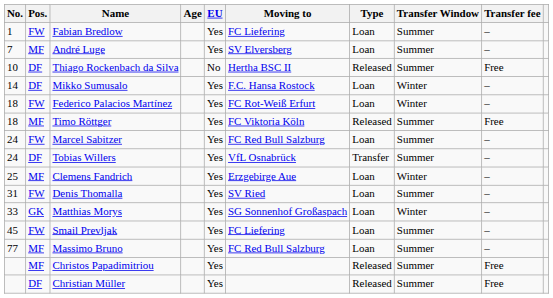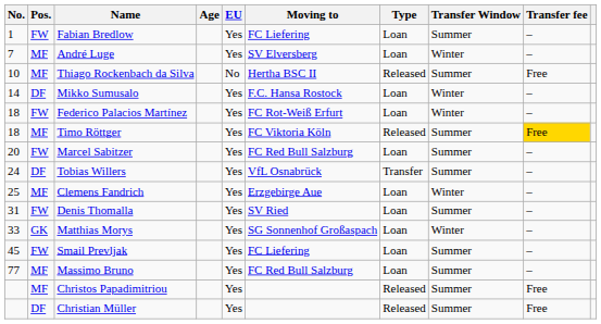 <table class="wikitable" Style="font-size:90%">
 <tr>
 <th>No.</th>
 <th>Pos.</th>
 <th>Name</th>
 <th>Age</th>
 <th><a href='#'>EU</a></th>
 <th>Moving to</th>
 <th>Type</th>
 <th>Transfer Window</th>
 <th>Transfer fee</th>
 <th></th>
 </tr>
 <tr>
 <td>1</td>
 <td><a href='#'>FW</a></td>
 <td> <a href='#'>Fabian Bredlow</a></td>
 <td></td>
 <td>Yes</td>
 <td><a href='#'>FC Liefering</a></td>
 <td>Loan</td>
 <td>Summer</td>
 <td>–</td>
 <td></td>
 </tr>
 <tr>
 <td>7</td>
 <td><a href='#'>MF</a></td>
 <td> <a href='#'>André Luge</a></td>
 <td></td>
 <td>Yes</td>
 <td><a href='#'>SV Elversberg</a></td>
 <td>Loan</td>
-<td>Summer</td>
+<td>Winter</td>
 <td>–</td>
 <td></td>
 </tr>
 <tr>
 <td>10</td>
-<td><a href='#'>DF</a></td>
+<td><a href='#'>MF</a></td>
 <td> <a href='#'>Thiago Rockenbach da Silva</a></td>
 <td></td>
 <td>No</td>
 <td><a href='#'>Hertha BSC II</a></td>
 <td>Released</td>
 <td>Summer</td>
 <td>Free</td>
 <td></td>
 </tr>
 <tr>
 <td>14</td>
 <td><a href='#'>DF</a></td>
 <td> <a href='#'>Mikko Sumusalo</a></td>
 <td></td>
 <td>Yes</td>
 <td><a href='#'>F.C. Hansa Rostock</a></td>
 <td>Loan</td>
 <td>Winter</td>
 <td>–</td>
 <td></td>
 </tr>
 <tr>
 <td>18</td>
 <td><a href='#'>FW</a></td>
 <td> <a href='#'>Federico Palacios Martínez</a></td>
 <td></td>
 <td>Yes</td>
 <td><a href='#'>FC Rot-Weiß Erfurt</a></td>
 <td>Loan</td>
 <td>Winter</td>
 <td>–</td>
 <td></td>
 </tr>
 <tr>
 <td>18</td>
 <td><a href='#'>MF</a></td>
 <td> <a href='#'>Timo Röttger</a></td>
 <td></td>
 <td>Yes</td>
 <td><a href='#'>FC Viktoria Köln</a></td>
 <td>Released</td>
 <td>Summer</td>
-<td>Free</td>
+<td style="background: gold;">Free</td>
 <td></td>
 </tr>
 <tr>
-<td>24</td>
+<td>20</td>
 <td><a href='#'>FW</a></td>
 <td> <a href='#'>Marcel Sabitzer</a></td>
 <td></td>
 <td>Yes</td>
 <td><a href='#'>FC Red Bull Salzburg</a></td>
 <td>Loan</td>
 <td>Summer</td>
 <td>–</td>
 <td></td>
 </tr>
 <tr>
 <td>24</td>
 <td><a href='#'>DF</a></td>
 <td> <a href='#'>Tobias Willers</a></td>
 <td></td>
 <td>Yes</td>
 <td><a href='#'>VfL Osnabrück</a></td>
 <td>Transfer</td>
 <td>Summer</td>
 <td>–</td>
 <td></td>
 </tr>
 <tr>
 <td>25</td>
 <td><a href='#'>MF</a></td>
 <td> <a href='#'>Clemens Fandrich</a></td>
 <td></td>
 <td>Yes</td>
 <td><a href='#'>Erzgebirge Aue</a></td>
 <td>Loan</td>
 <td>Winter</td>
 <td>–</td>
 <td></td>
 </tr>
 <tr>
 <td>31</td>
 <td><a href='#'>FW</a></td>
 <td> <a href='#'>Denis Thomalla</a></td>
 <td></td>
 <td>Yes</td>
 <td><a href='#'>SV Ried</a></td>
 <td>Loan</td>
 <td>Summer</td>
 <td>–</td>
 <td></td>
 </tr>
 <tr>
 <td>33</td>
 <td><a href='#'>GK</a></td>
 <td> <a href='#'>Matthias Morys</a></td>
 <td></td>
 <td>Yes</td>
 <td><a href='#'>SG Sonnenhof Großaspach</a></td>
 <td>Loan</td>
 <td>Winter</td>
 <td>–</td>
 <td></td>
 </tr>
 <tr>
 <td>45</td>
 <td><a href='#'>FW</a></td>
 <td> <a href='#'>Smail Prevljak</a></td>
 <td></td>
 <td>Yes</td>
 <td><a href='#'>FC Liefering</a></td>
 <td>Loan</td>
 <td>Summer</td>
 <td>–</td>
 <td></td>
 </tr>
 <tr>
 <td>77</td>
 <td><a href='#'>MF</a></td>
 <td> <a href='#'>Massimo Bruno</a></td>
 <td></td>
 <td>Yes</td>
 <td><a href='#'>FC Red Bull Salzburg</a></td>
 <td>Loan</td>
 <td>Summer</td>
 <td>–</td>
 <td></td>
 </tr>
 <tr>
 <td></td>
 <td><a href='#'>MF</a></td>
 <td> <a href='#'>Christos Papadimitriou</a></td>
 <td></td>
 <td>Yes</td>
 <td></td>
 <td>Released</td>
 <td>Summer</td>
 <td>Free</td>
 <td></td>
 </tr>
 <tr>
 <td></td>
 <td><a href='#'>DF</a></td>
 <td> <a href='#'>Christian Müller</a></td>
 <td></td>
 <td>Yes</td>
 <td></td>
 <td>Released</td>
 <td>Summer</td>
 <td>Free</td>
 <td></td>
 </tr>
 </table>
